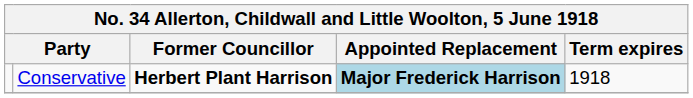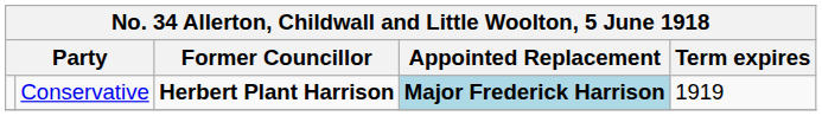 <table class="wikitable">
 <tr>
 <th colspan="5"><strong>No. 34 Allerton, Childwall and Little Woolton, 5 June 1918</strong></th>
 </tr>
 <tr>
 <th colspan="2">Party</th>
 <th>Former Councillor</th>
 <th>Appointed Replacement</th>
 <th>Term expires</th>
 </tr>
 <tr>
 <td style="background-color:"></td>
 <td><a href='#'>Conservative</a></td>
 <td><strong>Herbert Plant Harrison</strong></td>
 <td style="background: lightblue;"><strong>Major Frederick Harrison</strong></td>
-<td>1918</td>
+<td>1919</td>
 </tr>
 <tr>
 </tr>
 </table>
